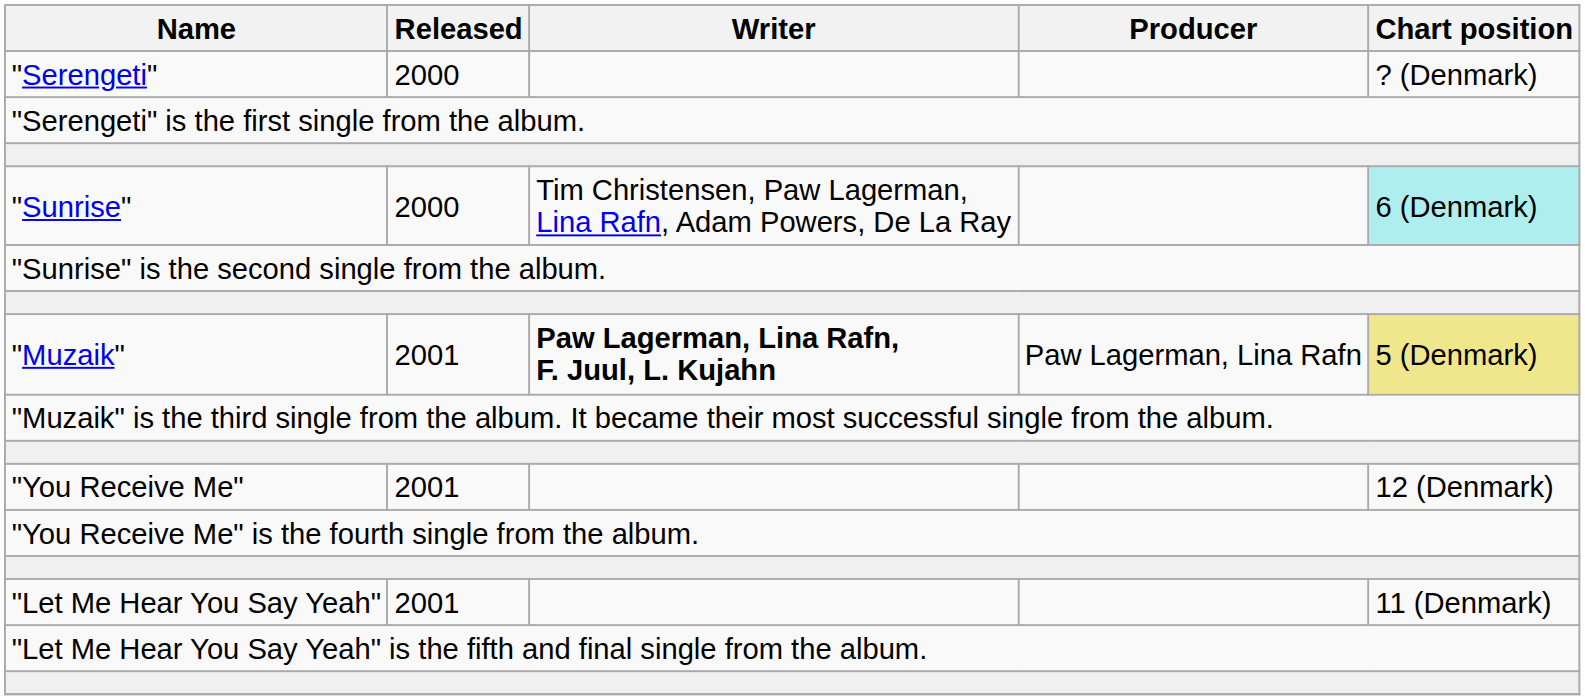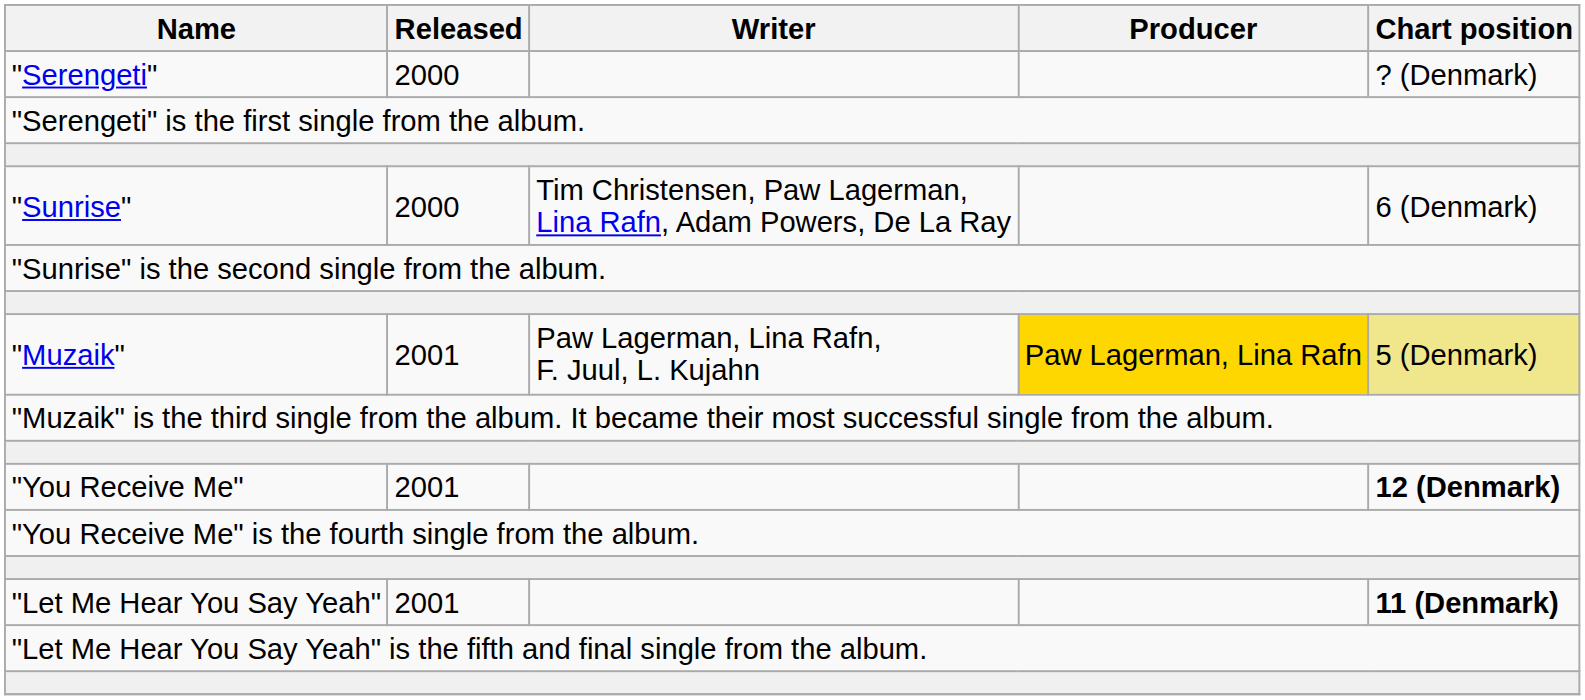 <table class="wikitable" style="font-size:95%">
 <tr>
 <th>Name</th>
 <th>Released</th>
 <th>Writer</th>
 <th>Producer</th>
 <th>Chart position</th>
 </tr>
 <tr>
 <td>"<a href='#'>Serengeti</a>"</td>
 <td>2000</td>
 <td></td>
 <td></td>
 <td>? (Denmark)</td>
 </tr>
 <tr>
 <td colspan=6>"Serengeti" is the first single from the album.</td>
 </tr>
 <tr>
 <td colspan=6 style="background:#F0F0F0; height:5px;"></td>
 </tr>
 <tr>
 <td>"<a href='#'>Sunrise</a>"</td>
 <td>2000</td>
 <td>Tim Christensen, Paw Lagerman, <br><a href='#'>Lina Rafn</a>, Adam Powers, De La Ray</td>
 <td></td>
-<td style="background: paleturquoise;">6 (Denmark)</td>
+<td>6 (Denmark)</td>
 </tr>
 <tr>
 <td colspan=6>"Sunrise" is the second single from the album.</td>
 </tr>
 <tr>
 <td colspan=6 style="background:#F0F0F0; height:5px;"></td>
 </tr>
 <tr>
 <td>"<a href='#'>Muzaik</a>"</td>
 <td>2001</td>
-<td><strong>Paw Lagerman, Lina Rafn, <br>F. Juul, L. Kujahn</strong></td>
-<td>Paw Lagerman, Lina Rafn</td>
+<td>Paw Lagerman, Lina Rafn, <br>F. Juul, L. Kujahn</td>
+<td style="background: gold;">Paw Lagerman, Lina Rafn</td>
 <td style="background: khaki;">5 (Denmark)</td>
 </tr>
 <tr>
 <td colspan=6>"Muzaik" is the third single from the album. It became their most successful single from the album.</td>
 </tr>
 <tr>
 <td colspan=6 style="background:#F0F0F0; height:5px;"></td>
 </tr>
 <tr>
 <td>"You Receive Me"</td>
 <td>2001</td>
 <td></td>
 <td></td>
-<td>12 (Denmark)</td>
+<td><strong>12 (Denmark)</strong></td>
 </tr>
 <tr>
 <td colspan=6>"You Receive Me" is the fourth single from the album.</td>
 </tr>
 <tr>
 <td colspan=6 style="background:#F0F0F0; height:5px;"></td>
 </tr>
 <tr>
 <td>"Let Me Hear You Say Yeah"</td>
 <td>2001</td>
 <td></td>
 <td></td>
-<td>11 (Denmark)</td>
+<td><strong>11 (Denmark)</strong></td>
 </tr>
 <tr>
 <td colspan=6>"Let Me Hear You Say Yeah" is the fifth and final single from the album.</td>
 </tr>
 <tr>
 <td colspan=6 style="background:#F0F0F0; height:5px;"></td>
 </tr>
 <tr>
 </tr>
 </table>
